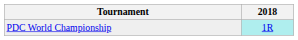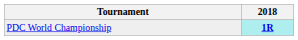 <table class="wikitable" style="width:30%; margin:0">
 <tr>
 <th>Tournament</th>
 <th>2018</th>
 </tr>
 <tr>
 <td style="background:#efefef;"><a href='#'>PDC World Championship</a></td>
-<td style="text-align:center; background:#afeeee;"><a href='#'>1R</a></td>
+<td style="text-align:center; background:#afeeee;"><strong><a href='#'>1R</a></strong></td>
 </tr>
 </table>
